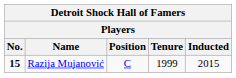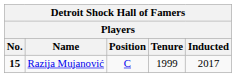 <table class="wikitable" style="text-align:center">
 <tr>
 <th colspan="5">Detroit Shock Hall of Famers</th>
 </tr>
 <tr>
 <th colspan="5">Players</th>
 </tr>
 <tr>
 <th>No.</th>
 <th>Name</th>
 <th>Position</th>
 <th>Tenure</th>
 <th>Inducted</th>
 </tr>
 <tr>
 <td><strong>15</strong></td>
 <td><a href='#'>Razija Mujanović</a></td>
 <td><a href='#'>C</a></td>
 <td>1999</td>
-<td>2015</td>
+<td>2017</td>
 </tr>
 </table>
